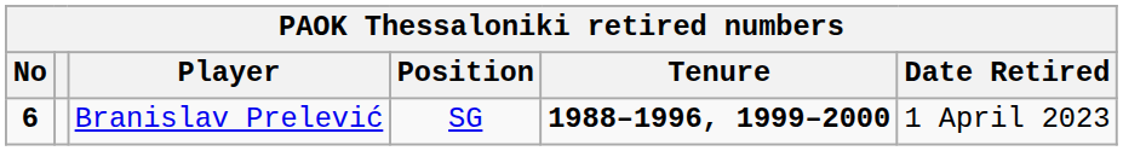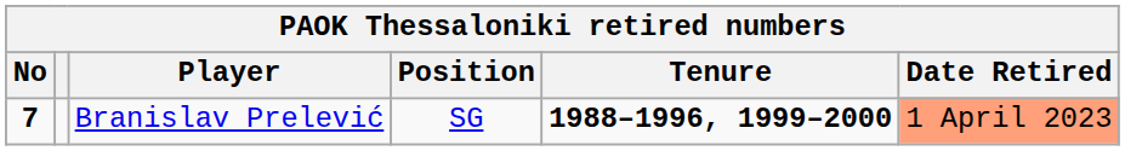 <table class="wikitable sortable" style="text-align:center; font-size:95%;">
 <tr>
 <th colspan=6>PAOK Thessaloniki retired numbers</th>
 </tr>
 <tr>
 <th>No</th>
 <th></th>
 <th>Player</th>
 <th>Position</th>
 <th>Tenure</th>
 <th>Date Retired</th>
 </tr>
 <tr>
-<td><strong>6</strong></td>
+<td><strong>7</strong></td>
 <td></td>
 <td><a href='#'>Branislav Prelević</a></td>
 <td><a href='#'>SG</a></td>
 <td><strong>1988–1996, 1999–2000</strong></td>
-<td>1 April 2023</td>
+<td style="background: lightsalmon;">1 April 2023</td>
 </tr>
 </table>
